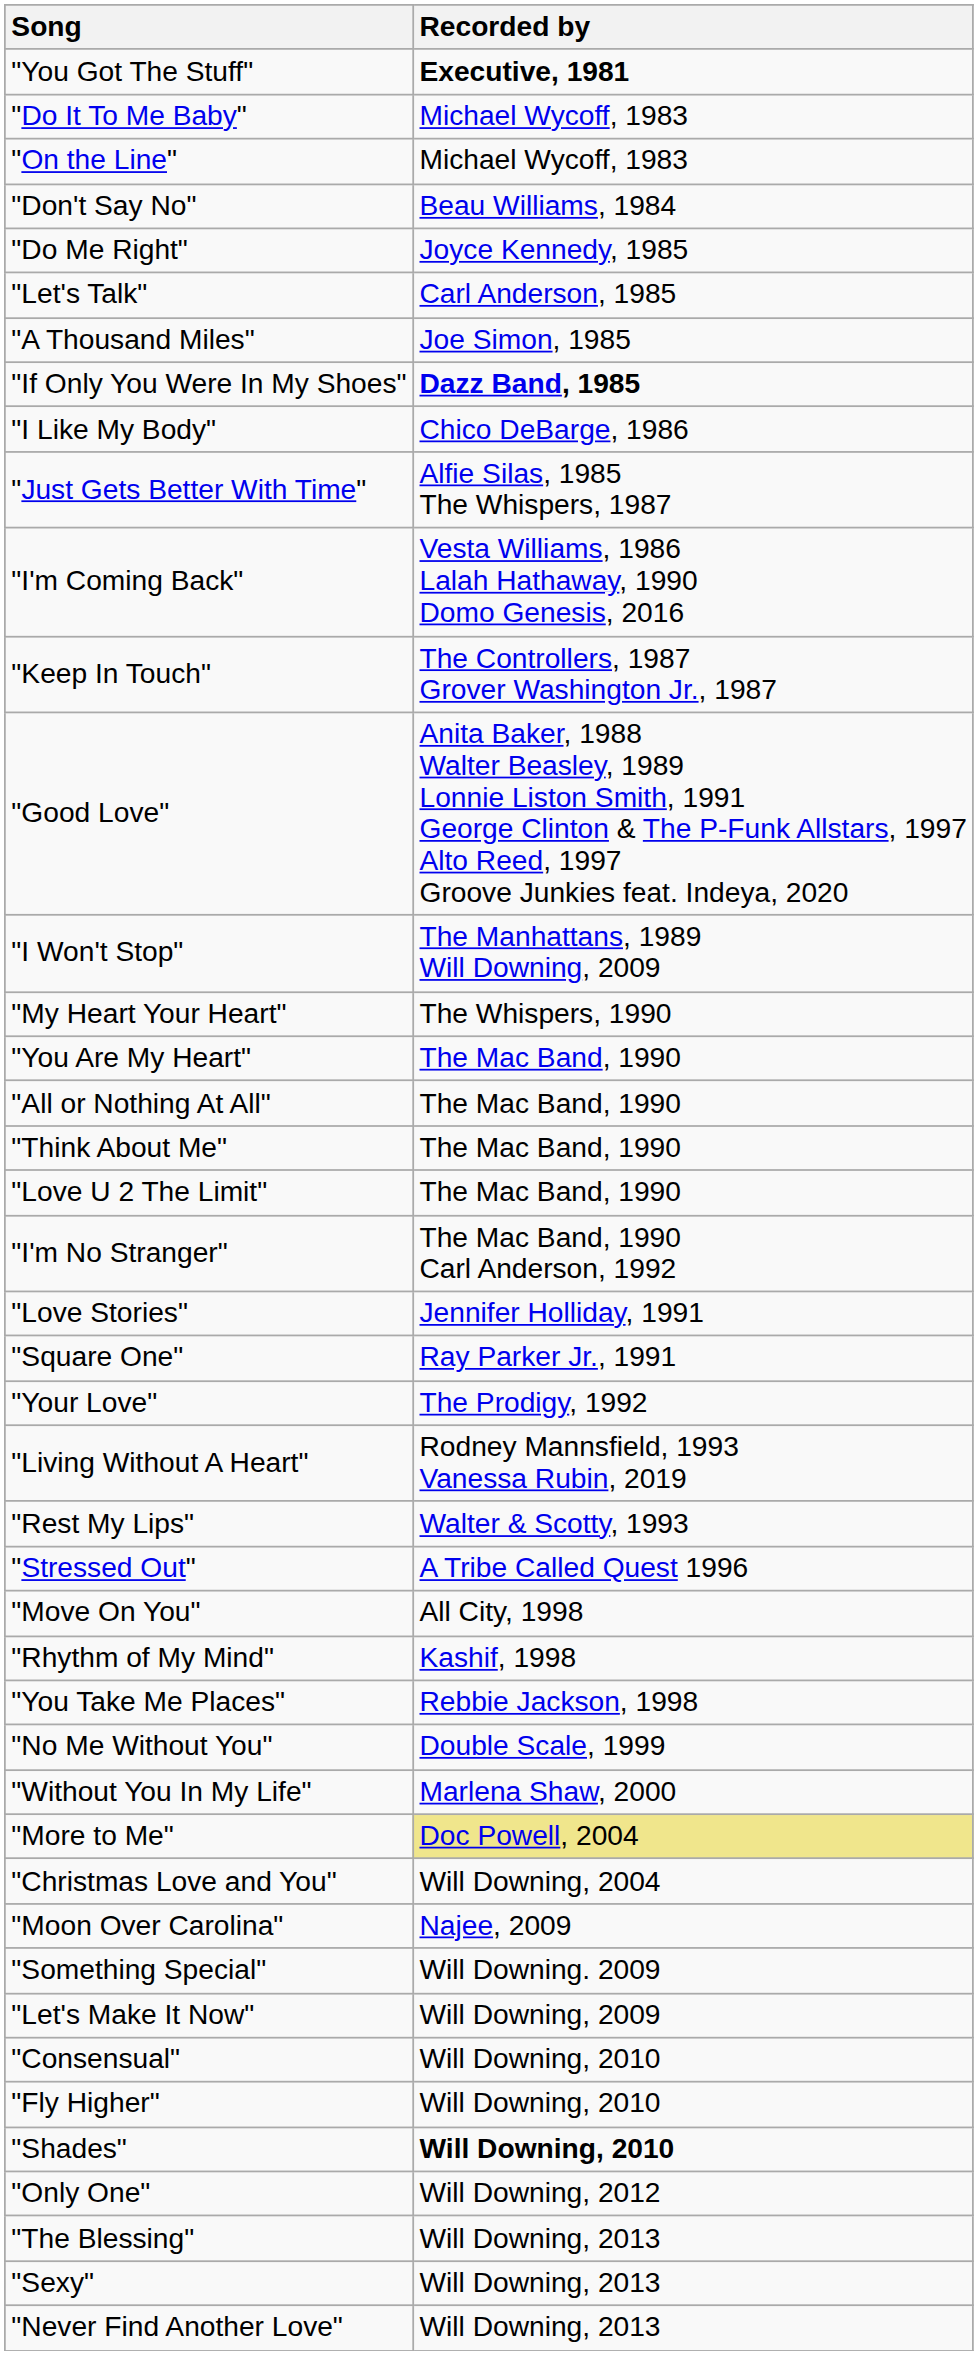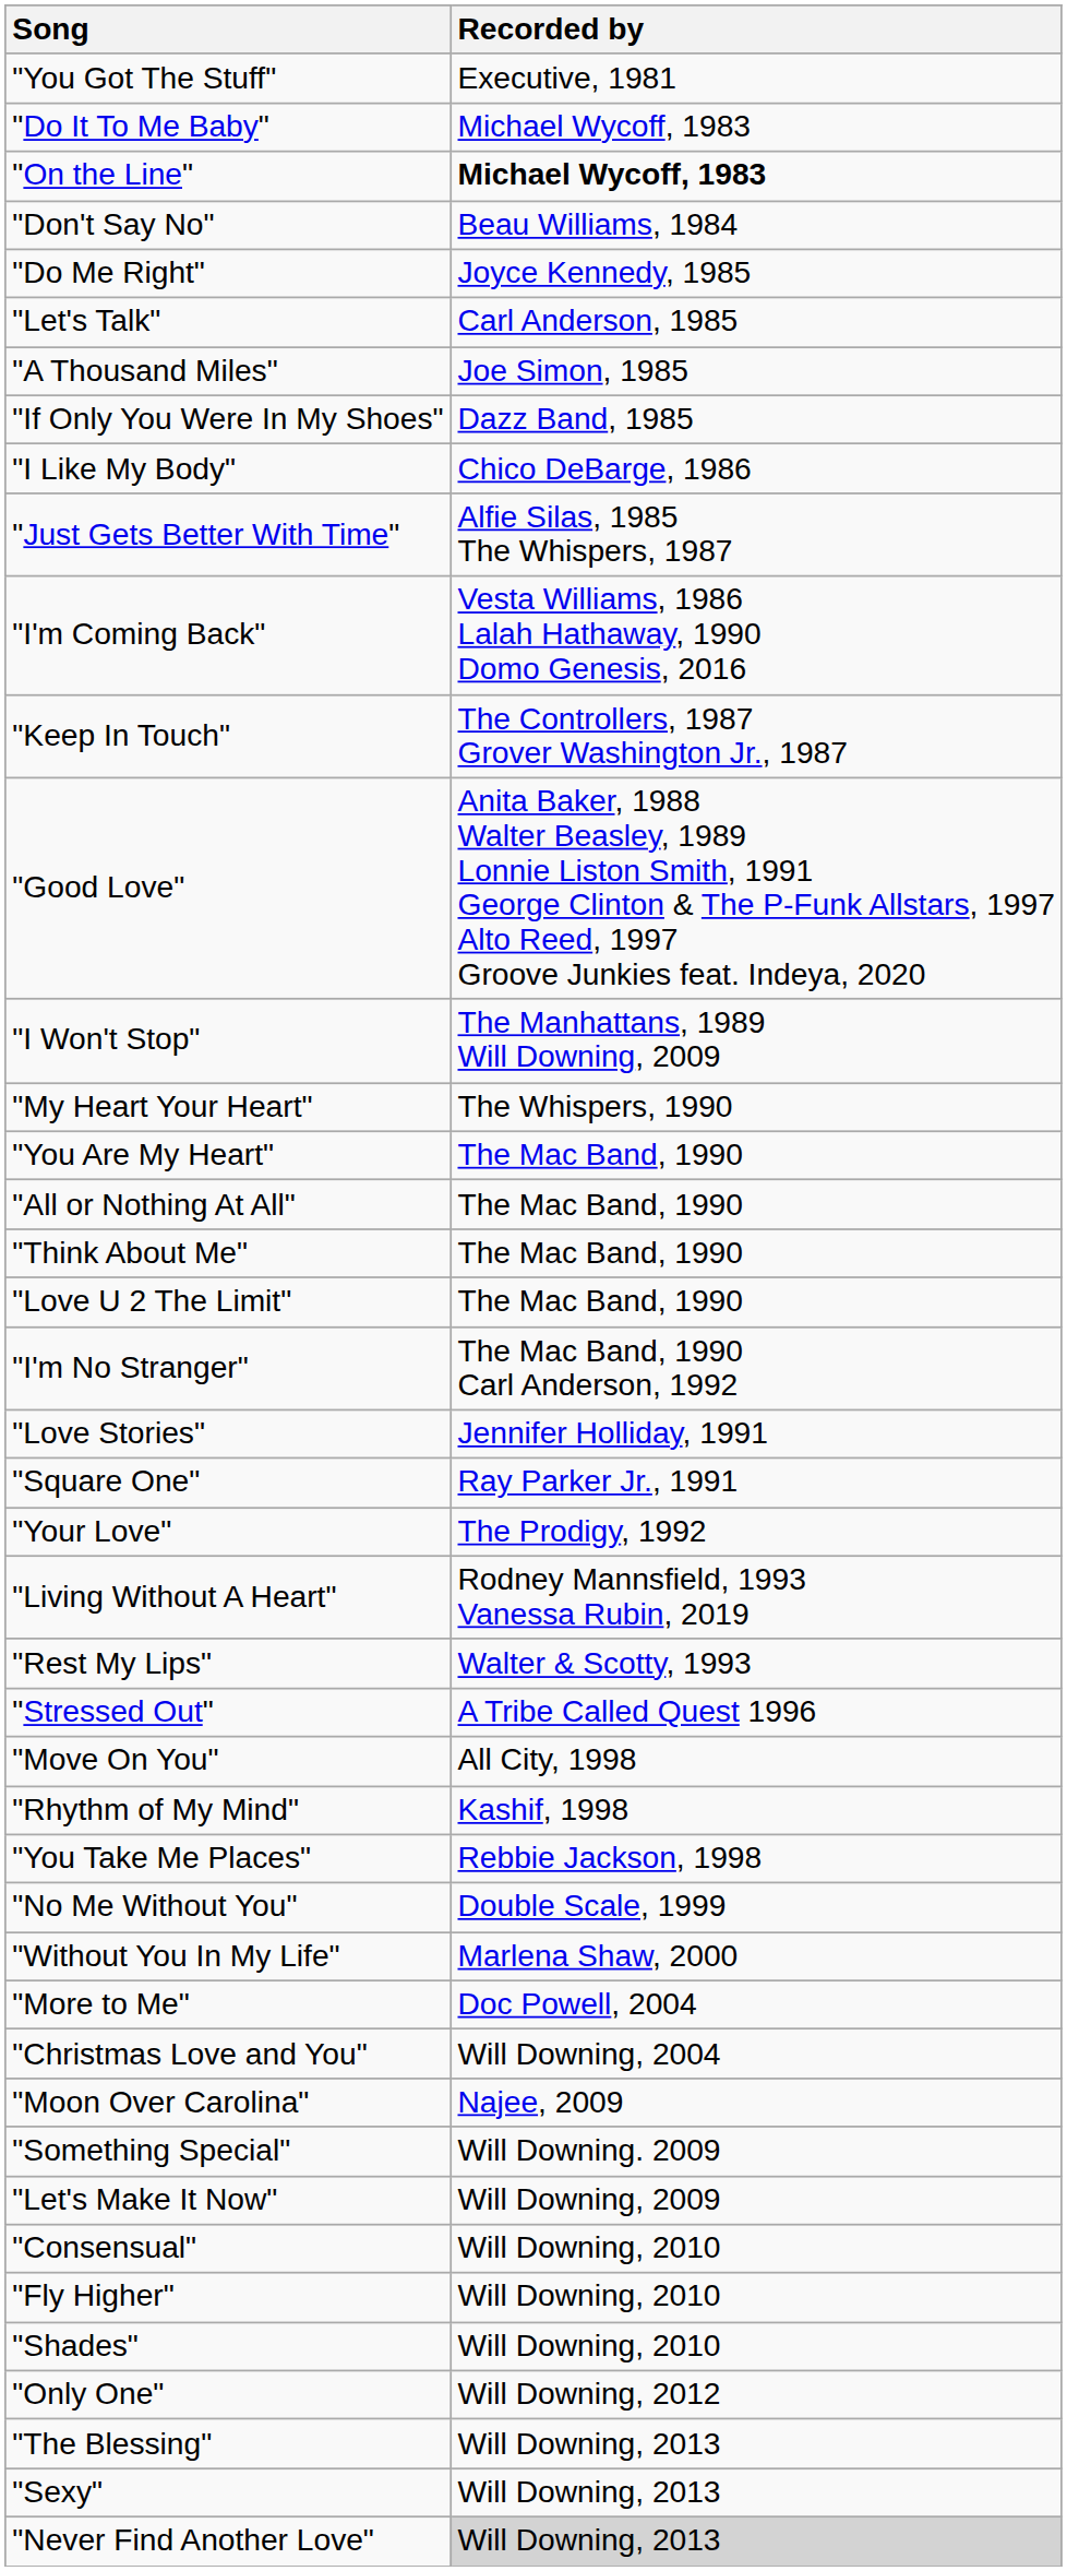 <table class="wikitable">
 <tr>
 <th style="text-align:left;">Song</th>
 <th style="text-align:left;">Recorded by</th>
 </tr>
 <tr>
 <td>"You Got The Stuff"</td>
-<td><strong>Executive, 1981</strong></td>
+<td>Executive, 1981</td>
 </tr>
 <tr>
 <td>"<a href='#'>Do It To Me Baby</a>"</td>
 <td><a href='#'>Michael Wycoff</a>, 1983</td>
 </tr>
 <tr>
 <td>"<a href='#'>On the Line</a>"</td>
-<td>Michael Wycoff, 1983</td>
+<td><strong>Michael Wycoff, 1983</strong></td>
 </tr>
 <tr>
 <td>"Don't Say No"</td>
 <td><a href='#'>Beau Williams</a>, 1984<br></td>
 </tr>
 <tr>
 <td>"Do Me Right"</td>
 <td><a href='#'>Joyce Kennedy</a>, 1985</td>
 </tr>
 <tr>
 <td>"Let's Talk"</td>
 <td><a href='#'>Carl Anderson</a>, 1985</td>
 </tr>
 <tr>
 <td>"A Thousand Miles"</td>
 <td><a href='#'>Joe Simon</a>, 1985</td>
 </tr>
 <tr>
 <td>"If Only You Were In My Shoes"</td>
-<td><strong><a href='#'>Dazz Band</a>, 1985</strong></td>
+<td><a href='#'>Dazz Band</a>, 1985</td>
 </tr>
 <tr>
 <td>"I Like My Body"</td>
 <td><a href='#'>Chico DeBarge</a>, 1986</td>
 </tr>
 <tr>
 <td>"<a href='#'>Just Gets Better With Time</a>"</td>
 <td><a href='#'>Alfie Silas</a>, 1985<br>The Whispers, 1987</td>
 </tr>
 <tr>
 <td>"I'm Coming Back"</td>
 <td><a href='#'>Vesta Williams</a>, 1986<br><a href='#'>Lalah Hathaway</a>, 1990<br><a href='#'>Domo Genesis</a>, 2016</td>
 </tr>
 <tr>
 <td>"Keep In Touch"</td>
 <td><a href='#'>The Controllers</a>, 1987<br><a href='#'>Grover Washington Jr.</a>, 1987</td>
 </tr>
 <tr>
 <td>"Good Love"</td>
 <td><a href='#'>Anita Baker</a>, 1988<br><a href='#'>Walter Beasley</a>, 1989<br><a href='#'>Lonnie Liston Smith</a>, 1991<br><a href='#'>George Clinton</a> & <a href='#'>The P-Funk Allstars</a>, 1997<br><a href='#'>Alto Reed</a>, 1997<br>Groove Junkies feat. Indeya, 2020</td>
 </tr>
 <tr>
 <td>"I Won't Stop"</td>
 <td><a href='#'>The Manhattans</a>, 1989<br><a href='#'>Will Downing</a>, 2009</td>
 </tr>
 <tr>
 <td>"My Heart Your Heart"</td>
 <td>The Whispers, 1990</td>
 </tr>
 <tr>
 <td>"You Are My Heart"</td>
 <td><a href='#'>The Mac Band</a>, 1990</td>
 </tr>
 <tr>
 <td>"All or Nothing At All"</td>
 <td>The Mac Band, 1990</td>
 </tr>
 <tr>
 <td>"Think About Me"</td>
 <td>The Mac Band, 1990</td>
 </tr>
 <tr>
 <td>"Love U 2 The Limit"</td>
 <td>The Mac Band, 1990</td>
 </tr>
 <tr>
 <td>"I'm No Stranger"</td>
 <td>The Mac Band, 1990<br>Carl Anderson, 1992</td>
 </tr>
 <tr>
 <td>"Love Stories"</td>
 <td><a href='#'>Jennifer Holliday</a>, 1991</td>
 </tr>
 <tr>
 <td>"Square One"</td>
 <td><a href='#'>Ray Parker Jr.</a>, 1991</td>
 </tr>
 <tr>
 <td>"Your Love"</td>
 <td><a href='#'>The Prodigy</a>, 1992</td>
 </tr>
 <tr>
 <td>"Living Without A Heart"</td>
 <td>Rodney Mannsfield, 1993<br><a href='#'>Vanessa Rubin</a>, 2019</td>
 </tr>
 <tr>
 <td>"Rest My Lips"</td>
 <td><a href='#'>Walter & Scotty</a>, 1993</td>
 </tr>
 <tr>
 <td>"<a href='#'>Stressed Out</a>"</td>
 <td><a href='#'>A Tribe Called Quest</a> 1996</td>
 </tr>
 <tr>
 <td>"Move On You"</td>
 <td>All City, 1998</td>
 </tr>
 <tr>
 <td>"Rhythm of My Mind"</td>
 <td><a href='#'>Kashif</a>, 1998</td>
 </tr>
 <tr>
 <td>"You Take Me Places"</td>
 <td><a href='#'>Rebbie Jackson</a>, 1998</td>
 </tr>
 <tr>
 <td>"No Me Without You"</td>
 <td><a href='#'>Double Scale</a>, 1999</td>
 </tr>
 <tr>
 <td>"Without You In My Life"</td>
 <td><a href='#'>Marlena Shaw</a>, 2000</td>
 </tr>
 <tr>
 <td>"More to Me"</td>
-<td style="background: khaki;"><a href='#'>Doc Powell</a>, 2004</td>
+<td><a href='#'>Doc Powell</a>, 2004</td>
 </tr>
 <tr>
 <td>"Christmas Love and You"</td>
 <td>Will Downing, 2004</td>
 </tr>
 <tr>
 <td>"Moon Over Carolina"</td>
 <td><a href='#'>Najee</a>, 2009</td>
 </tr>
 <tr>
 <td>"Something Special"</td>
 <td>Will Downing. 2009</td>
 </tr>
 <tr>
 <td>"Let's Make It Now"</td>
 <td>Will Downing, 2009</td>
 </tr>
 <tr>
 <td>"Consensual"</td>
 <td>Will Downing, 2010</td>
 </tr>
 <tr>
 <td>"Fly Higher"</td>
 <td>Will Downing, 2010</td>
 </tr>
 <tr>
 <td>"Shades"</td>
-<td><strong>Will Downing, 2010</strong></td>
+<td>Will Downing, 2010</td>
 </tr>
 <tr>
 <td>"Only One"</td>
 <td>Will Downing, 2012</td>
 </tr>
 <tr>
 <td>"The Blessing"</td>
 <td>Will Downing, 2013</td>
 </tr>
 <tr>
 <td>"Sexy"</td>
 <td>Will Downing, 2013</td>
 </tr>
 <tr>
 <td>"Never Find Another Love"</td>
-<td>Will Downing, 2013</td>
+<td style="background: lightgrey;">Will Downing, 2013</td>
 </tr>
 </table>
